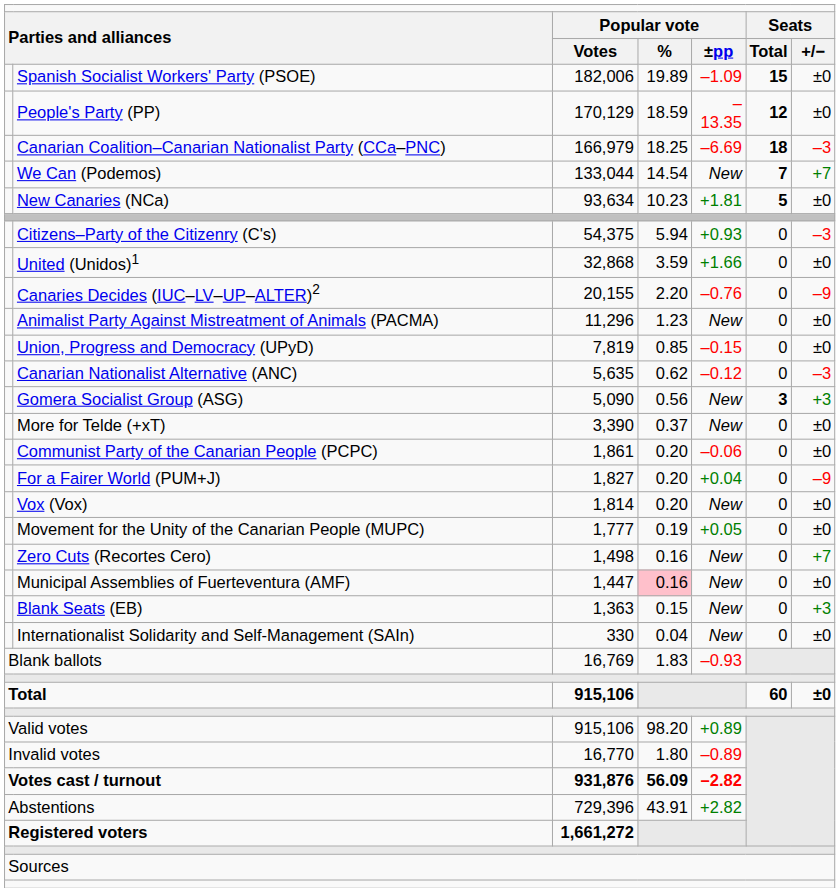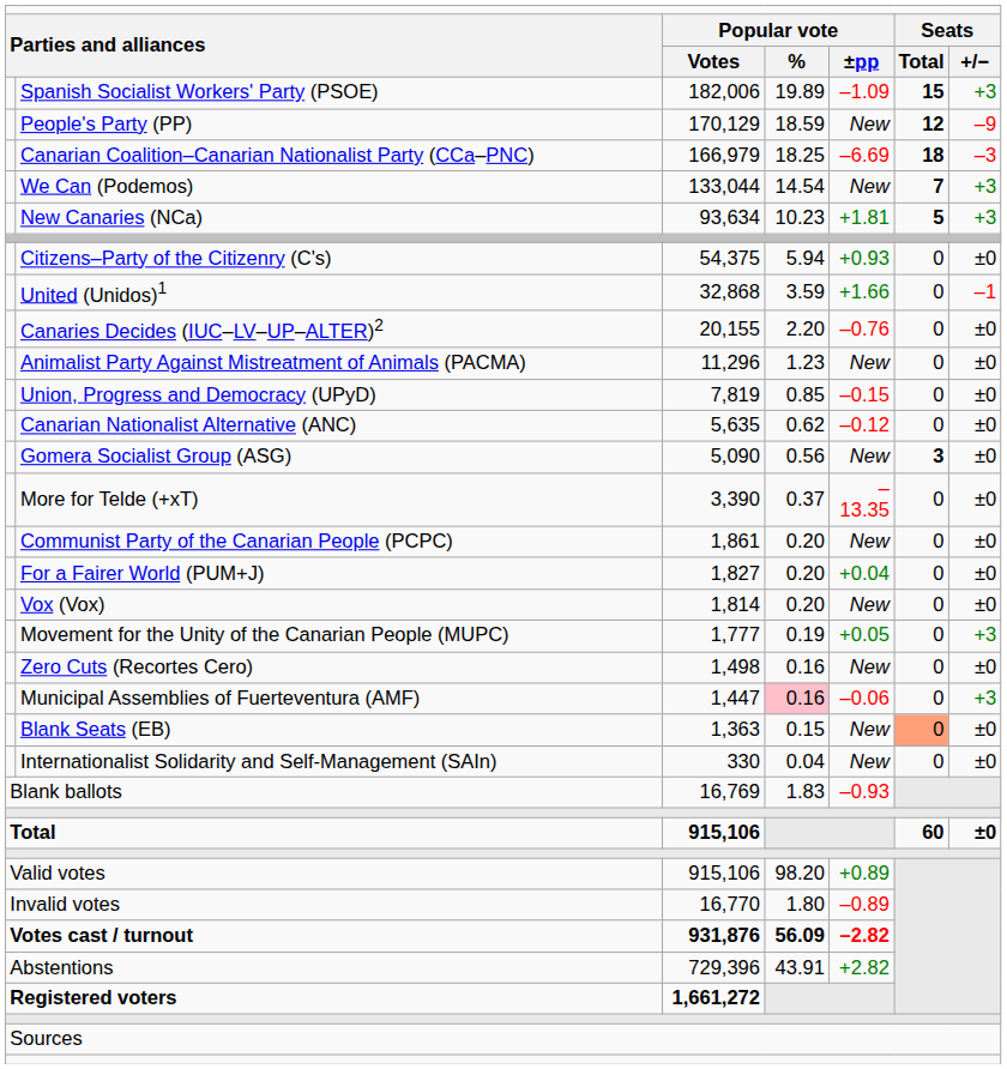 <table class="wikitable" style="text-align:right;">
 <tr>
 <td colspan="7"></td>
 </tr>
 <tr>
 <th style="text-align:left;" rowspan="2" colspan="2" width="525">Parties and alliances</th>
 <th colspan="3">Popular vote</th>
 <th colspan="2">Seats</th>
 </tr>
 <tr>
 <th width="75">Votes</th>
 <th width="45">%</th>
 <th width="45">±<a href='#'>pp</a></th>
 <th width="35">Total</th>
 <th width="35">+/−</th>
 </tr>
 <tr>
 <td width="1" style="color:inherit;background:"></td>
 <td align="left"><a href='#'>Spanish Socialist Workers' Party</a> (PSOE)</td>
 <td>182,006</td>
 <td>19.89</td>
 <td style="color:red;">–1.09</td>
 <td><strong>15</strong></td>
-<td>±0</td>
+<td style="color:green;">+3</td>
 </tr>
 <tr>
 <td style="color:inherit;background:"></td>
 <td align="left"><a href='#'>People's Party</a> (PP)</td>
 <td>170,129</td>
 <td>18.59</td>
-<td style="color:red;">–13.35</td>
+<td><em>New</em></td>
 <td><strong>12</strong></td>
-<td>±0</td>
+<td style="color:red;">–9</td>
 </tr>
 <tr>
 <td style="color:inherit;background:"></td>
 <td align="left"><a href='#'>Canarian Coalition–Canarian Nationalist Party</a> (<a href='#'>CCa</a>–<a href='#'>PNC</a>)</td>
 <td>166,979</td>
 <td>18.25</td>
 <td style="color:red;">–6.69</td>
 <td><strong>18</strong></td>
 <td style="color:red;">–3</td>
 </tr>
 <tr>
 <td style="color:inherit;background:"></td>
 <td align="left"><a href='#'>We Can</a> (Podemos)</td>
 <td>133,044</td>
 <td>14.54</td>
 <td><em>New</em></td>
 <td><strong>7</strong></td>
-<td style="color:green;">+7</td>
+<td style="color:green;">+3</td>
 </tr>
 <tr>
 <td style="color:inherit;background:"></td>
 <td align="left"><a href='#'>New Canaries</a> (NCa)</td>
 <td>93,634</td>
 <td>10.23</td>
 <td style="color:green;">+1.81</td>
 <td><strong>5</strong></td>
-<td>±0</td>
+<td style="color:green;">+3</td>
 </tr>
 <tr>
 <td colspan="7" bgcolor="#C0C0C0"></td>
 </tr>
 <tr>
 <td style="color:inherit;background:"></td>
 <td align="left"><a href='#'>Citizens–Party of the Citizenry</a> (C's)</td>
 <td>54,375</td>
 <td>5.94</td>
 <td style="color:green;">+0.93</td>
 <td>0</td>
-<td style="color:red;">–3</td>
+<td>±0</td>
 </tr>
 <tr>
 <td style="color:inherit;background:"></td>
 <td align="left"><a href='#'>United</a> (Unidos)<sup>1</sup></td>
 <td>32,868</td>
 <td>3.59</td>
 <td style="color:green;">+1.66</td>
 <td>0</td>
-<td>±0</td>
+<td style="color:red;">–1</td>
 </tr>
 <tr>
 <td style="color:inherit;background:"></td>
 <td align="left"><a href='#'>Canaries Decides</a> (<a href='#'>IUC</a>–<a href='#'>LV</a>–<a href='#'>UP</a>–<a href='#'>ALTER</a>)<sup>2</sup></td>
 <td>20,155</td>
 <td>2.20</td>
 <td style="color:red;">–0.76</td>
 <td>0</td>
-<td style="color:red;">–9</td>
+<td>±0</td>
 </tr>
 <tr>
 <td style="color:inherit;background:"></td>
 <td align="left"><a href='#'>Animalist Party Against Mistreatment of Animals</a> (PACMA)</td>
 <td>11,296</td>
 <td>1.23</td>
 <td><em>New</em></td>
 <td>0</td>
 <td>±0</td>
 </tr>
 <tr>
 <td style="color:inherit;background:"></td>
 <td align="left"><a href='#'>Union, Progress and Democracy</a> (UPyD)</td>
 <td>7,819</td>
 <td>0.85</td>
 <td style="color:red;">–0.15</td>
 <td>0</td>
 <td>±0</td>
 </tr>
 <tr>
 <td style="color:inherit;background:"></td>
 <td align="left"><a href='#'>Canarian Nationalist Alternative</a> (ANC)</td>
 <td>5,635</td>
 <td>0.62</td>
 <td style="color:red;">–0.12</td>
 <td>0</td>
-<td style="color:red;">–3</td>
+<td>±0</td>
 </tr>
 <tr>
 <td style="color:inherit;background:"></td>
 <td align="left"><a href='#'>Gomera Socialist Group</a> (ASG)</td>
 <td>5,090</td>
 <td>0.56</td>
 <td><em>New</em></td>
 <td><strong>3</strong></td>
-<td style="color:green;">+3</td>
+<td>±0</td>
 </tr>
 <tr>
 <td style="color:inherit;background:"></td>
 <td align="left">More for Telde (+xT)</td>
 <td>3,390</td>
 <td>0.37</td>
-<td><em>New</em></td>
+<td style="color:red;">–13.35</td>
 <td>0</td>
 <td>±0</td>
 </tr>
 <tr>
 <td style="color:inherit;background:"></td>
 <td align="left"><a href='#'>Communist Party of the Canarian People</a> (PCPC)</td>
 <td>1,861</td>
 <td>0.20</td>
-<td style="color:red;">–0.06</td>
+<td><em>New</em></td>
 <td>0</td>
 <td>±0</td>
 </tr>
 <tr>
 <td style="color:inherit;background:"></td>
 <td align="left"><a href='#'>For a Fairer World</a> (PUM+J)</td>
 <td>1,827</td>
 <td>0.20</td>
 <td style="color:green;">+0.04</td>
 <td>0</td>
-<td style="color:red;">–9</td>
+<td>±0</td>
 </tr>
 <tr>
 <td style="color:inherit;background:"></td>
 <td align="left"><a href='#'>Vox</a> (Vox)</td>
 <td>1,814</td>
 <td>0.20</td>
 <td><em>New</em></td>
 <td>0</td>
 <td>±0</td>
 </tr>
 <tr>
 <td style="color:inherit;background:"></td>
 <td align="left">Movement for the Unity of the Canarian People (MUPC)</td>
 <td>1,777</td>
 <td>0.19</td>
 <td style="color:green;">+0.05</td>
 <td>0</td>
-<td>±0</td>
+<td style="color:green;">+3</td>
 </tr>
 <tr>
 <td style="color:inherit;background:"></td>
 <td align="left"><a href='#'>Zero Cuts</a> (Recortes Cero)</td>
 <td>1,498</td>
 <td>0.16</td>
 <td><em>New</em></td>
 <td>0</td>
-<td style="color:green;">+7</td>
+<td>±0</td>
 </tr>
 <tr>
 <td style="color:inherit;background:"></td>
 <td align="left">Municipal Assemblies of Fuerteventura (AMF)</td>
 <td>1,447</td>
 <td style="background: pink;">0.16</td>
-<td><em>New</em></td>
+<td style="color:red;">–0.06</td>
 <td>0</td>
-<td>±0</td>
+<td style="color:green;">+3</td>
 </tr>
 <tr>
 <td style="color:inherit;background:"></td>
 <td align="left"><a href='#'>Blank Seats</a> (EB)</td>
 <td>1,363</td>
 <td>0.15</td>
 <td><em>New</em></td>
-<td>0</td>
-<td style="color:green;">+3</td>
+<td style="background: lightsalmon;">0</td>
+<td>±0</td>
 </tr>
 <tr>
 <td style="color:inherit;background:"></td>
 <td align="left">Internationalist Solidarity and Self-Management (SAIn)</td>
 <td>330</td>
 <td>0.04</td>
 <td><em>New</em></td>
 <td>0</td>
 <td>±0</td>
 </tr>
 <tr>
 <td align="left" colspan="2">Blank ballots</td>
 <td>16,769</td>
 <td>1.83</td>
 <td style="color:red;">–0.93</td>
 <td bgcolor="#E9E9E9" colspan="2"></td>
 </tr>
 <tr>
 <td colspan="7" bgcolor="#E9E9E9"></td>
 </tr>
 <tr style="font-weight:bold;">
 <td align="left" colspan="2">Total</td>
 <td>915,106</td>
 <td bgcolor="#E9E9E9" colspan="2"></td>
 <td>60</td>
 <td>±0</td>
 </tr>
 <tr>
 <td colspan="7" bgcolor="#E9E9E9"></td>
 </tr>
 <tr>
 <td align="left" colspan="2">Valid votes</td>
 <td>915,106</td>
 <td>98.20</td>
 <td style="color:green;">+0.89</td>
 <td bgcolor="#E9E9E9" colspan="2" rowspan="5"></td>
 </tr>
 <tr>
 <td align="left" colspan="2">Invalid votes</td>
 <td>16,770</td>
 <td>1.80</td>
 <td style="color:red;">–0.89</td>
 </tr>
 <tr style="font-weight:bold;">
 <td align="left" colspan="2">Votes cast / turnout</td>
 <td>931,876</td>
 <td>56.09</td>
 <td style="color:red;">–2.82</td>
 </tr>
 <tr>
 <td align="left" colspan="2">Abstentions</td>
 <td>729,396</td>
 <td>43.91</td>
 <td style="color:green;">+2.82</td>
 </tr>
 <tr style="font-weight:bold;">
 <td align="left" colspan="2">Registered voters</td>
 <td>1,661,272</td>
 <td bgcolor="#E9E9E9" colspan="2"></td>
 </tr>
 <tr>
 <td colspan="7" bgcolor="#E9E9E9"></td>
 </tr>
 <tr>
 <td align="left" colspan="7">Sources</td>
 </tr>
 <tr>
 <td colspan="7" style="text-align:left; max-width:790px;"></td>
 </tr>
 </table>
